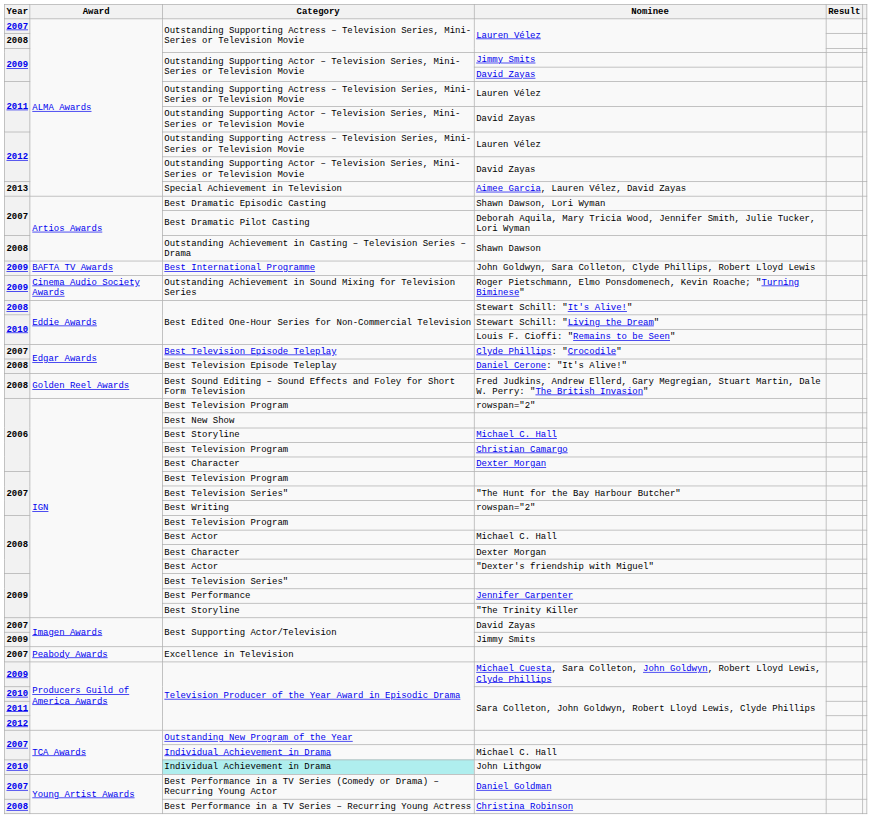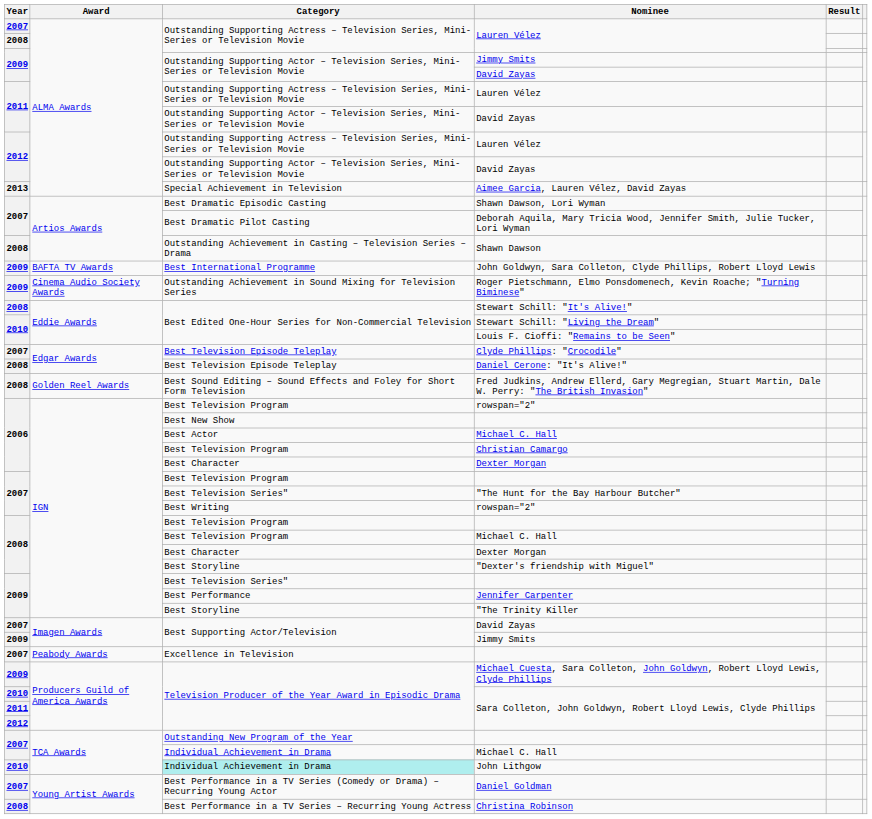 <table class="wikitable sortable plainrowheaders">
 <tr>
 <th scope=col>Year</th>
 <th scope=col>Award</th>
 <th scope=col>Category</th>
 <th scope=col>Nominee</th>
 <th scope=col>Result</th>
 <th scope=col class="unsortable"></th>
 </tr>
 <tr>
 <th scope=row><a href='#'>2007</a></th>
 <td rowspan="10"><a href='#'>ALMA Awards</a></td>
 <td rowspan="3">Outstanding Supporting Actress – Television Series, Mini-Series or Television Movie</td>
 <td rowspan="3" data-sort-value="Vélez, Lauren"><a href='#'>Lauren Vélez</a></td>
 <td></td>
 <td></td>
 </tr>
 <tr>
 <th scope=row>2008</th>
 <td></td>
 <td></td>
 </tr>
 <tr>
 <th scope=rowgroup rowspan="3"><a href='#'>2009</a></th>
 <td></td>
 <td></td>
 </tr>
 <tr>
 <td rowspan="2">Outstanding Supporting Actor – Television Series, Mini-Series or Television Movie</td>
 <td data-sort-value="Smits, Jimmy"><a href='#'>Jimmy Smits</a></td>
 <td></td>
 <td rowspan="2"></td>
 </tr>
 <tr>
 <td data-sort-value="Zayas, David"><a href='#'>David Zayas</a></td>
 <td></td>
 </tr>
 <tr>
 <th scope=rowgroup rowspan="2"><a href='#'>2011</a></th>
 <td>Outstanding Supporting Actress – Television Series, Mini-Series or Television Movie</td>
 <td data-sort-value="Vélez, Lauren">Lauren Vélez</td>
 <td></td>
 <td rowspan="2"></td>
 </tr>
 <tr>
 <td>Outstanding Supporting Actor – Television Series, Mini-Series or Television Movie</td>
 <td data-sort-value="Zayas, David">David Zayas</td>
 <td></td>
 </tr>
 <tr>
 <th scope=rowgroup rowspan="2"><a href='#'>2012</a></th>
 <td>Outstanding Supporting Actress – Television Series, Mini-Series or Television Movie</td>
 <td data-sort-value="Vélez, Lauren">Lauren Vélez</td>
 <td></td>
 <td rowspan="2"></td>
 </tr>
 <tr>
 <td>Outstanding Supporting Actor – Television Series, Mini-Series or Television Movie</td>
 <td data-sort-value="Zayas, David">David Zayas</td>
 <td></td>
 </tr>
 <tr>
 <th scope=row>2013</th>
 <td>Special Achievement in Television</td>
 <td data-sort-value="Garcia, Aimee"><a href='#'>Aimee Garcia</a>, Lauren Vélez, David Zayas</td>
 <td></td>
 <td></td>
 </tr>
 <tr>
 <th scope=rowgroup rowspan="2">2007</th>
 <td rowspan="3"><a href='#'>Artios Awards</a></td>
 <td>Best Dramatic Episodic Casting</td>
 <td data-sort-value="Dawson, Shawn">Shawn Dawson, Lori Wyman</td>
 <td></td>
 <td rowspan="2"></td>
 </tr>
 <tr>
 <td>Best Dramatic Pilot Casting</td>
 <td data-sort-value="Aquila, Deborah">Deborah Aquila, Mary Tricia Wood, Jennifer Smith, Julie Tucker, Lori Wyman</td>
 <td></td>
 </tr>
 <tr>
 <th scope=row>2008</th>
 <td>Outstanding Achievement in Casting – Television Series – Drama</td>
 <td data-sort-value="Dawson, Shawn">Shawn Dawson</td>
 <td></td>
 <td></td>
 </tr>
 <tr>
 <th scope=row><a href='#'>2009</a></th>
 <td><a href='#'>BAFTA TV Awards</a></td>
 <td><a href='#'>Best International Programme</a></td>
 <td data-sort-value="Goldwyn, John">John Goldwyn, Sara Colleton, Clyde Phillips, Robert Lloyd Lewis</td>
 <td></td>
 <td></td>
 </tr>
 <tr>
 <th scope=row><a href='#'>2009</a></th>
 <td><a href='#'>Cinema Audio Society Awards</a></td>
 <td>Outstanding Achievement in Sound Mixing for Television Series</td>
 <td data-sort-value="Pietschmann, Roger">Roger Pietschmann, Elmo Ponsdomenech, Kevin Roache; "<a href='#'>Turning Biminese</a>"</td>
 <td></td>
 <td></td>
 </tr>
 <tr>
 <th scope=row><a href='#'>2008</a></th>
 <td rowspan=3><a href='#'>Eddie Awards</a></td>
 <td rowspan="3">Best Edited One-Hour Series for Non-Commercial Television</td>
 <td data-sort-value="Schill, Stewart">Stewart Schill: "<a href='#'>It's Alive!</a>"</td>
 <td></td>
 <td></td>
 </tr>
 <tr>
 <th scope=rowgroup rowspan=2><a href='#'>2010</a></th>
 <td data-sort-value="Schill, Stewart">Stewart Schill: "<a href='#'>Living the Dream</a>"</td>
 <td></td>
 <td rowspan="2"></td>
 </tr>
 <tr>
 <td data-sort-value="Cioffi, Louis F.">Louis F. Cioffi: "<a href='#'>Remains to be Seen</a>"</td>
 <td></td>
 </tr>
 <tr>
 <th scope=row>2007</th>
 <td rowspan=2><a href='#'>Edgar Awards</a></td>
 <td><a href='#'>Best Television Episode Teleplay</a></td>
 <td data-sort-value="Phillips, Clyde"><a href='#'>Clyde Phillips</a>: "<a href='#'>Crocodile</a>"</td>
 <td></td>
 <td rowspan="2"></td>
 </tr>
 <tr>
 <th scope=row>2008</th>
 <td>Best Television Episode Teleplay</td>
 <td data-sort-value="Cerone, Daniel"><a href='#'>Daniel Cerone</a>: "It's Alive!"</td>
 <td></td>
 </tr>
 <tr>
 <th scope=row>2008</th>
 <td><a href='#'>Golden Reel Awards</a></td>
 <td>Best Sound Editing – Sound Effects and Foley for Short Form Television</td>
 <td data-sort-value="Judkins, Fred">Fred Judkins, Andrew Ellerd, Gary Megregian, Stuart Martin, Dale W. Perry: "<a href='#'>The British Invasion</a>"</td>
 <td></td>
 <td></td>
 </tr>
 <tr>
 <th scope=rowgroup rowspan=5>2006</th>
 <td rowspan="15"><a href='#'>IGN</a></td>
 <td>Best Television Program</td>
 <td>rowspan="2" </td>
 <td></td>
 <td></td>
 </tr>
 <tr>
 <td>Best New Show</td>
 <td></td>
 <td></td>
 </tr>
 <tr>
-<td>Best Storyline</td>
+<td>Best Actor</td>
 <td data-sort-value="Hall, Michael C."><a href='#'>Michael C. Hall</a></td>
 <td></td>
 <td></td>
 </tr>
 <tr>
 <td>Best Television Program</td>
 <td data-sort-value="Camargo, Christian"><a href='#'>Christian Camargo</a></td>
 <td></td>
 <td></td>
 </tr>
 <tr>
 <td>Best Character</td>
 <td data-sort-value="Morgan, Dexter"><a href='#'>Dexter Morgan</a></td>
 <td></td>
 <td></td>
 </tr>
 <tr>
 <th scope=rowgroup rowspan=3>2007</th>
 <td>Best Television Program</td>
 <td></td>
 <td></td>
 <td></td>
 </tr>
 <tr>
 <td>Best Television Series"</td>
 <td data-sort-value="Hunt for the Bay Harbour Butcher, The">"The Hunt for the Bay Harbour Butcher"</td>
 <td></td>
 <td></td>
 </tr>
 <tr>
 <td>Best Writing</td>
 <td>rowspan="2" </td>
 <td></td>
 <td></td>
 </tr>
 <tr>
 <th scope=rowgroup rowspan="4">2008</th>
 <td>Best Television Program</td>
 <td></td>
 <td></td>
 </tr>
 <tr>
-<td>Best Actor</td>
+<td>Best Television Program</td>
 <td data-sort-value="Hall, Michael C.">Michael C. Hall</td>
 <td></td>
 <td></td>
 </tr>
 <tr>
 <td>Best Character</td>
 <td data-sort-value="Morgan, Dexter">Dexter Morgan</td>
 <td></td>
 <td></td>
 </tr>
 <tr>
-<td>Best Actor</td>
+<td>Best Storyline</td>
 <td>"Dexter's friendship with Miguel"</td>
 <td></td>
 <td></td>
 </tr>
 <tr>
 <th scope=rowgroup rowspan="3">2009</th>
 <td>Best Television Series"</td>
 <td></td>
 <td></td>
 <td></td>
 </tr>
 <tr>
 <td>Best Performance</td>
 <td data-sort-value="Carpenter, Jennifer"><a href='#'>Jennifer Carpenter</a></td>
 <td></td>
 <td></td>
 </tr>
 <tr>
 <td>Best Storyline</td>
 <td data-sort-value="Trinity Killer, The">"The Trinity Killer</td>
 <td></td>
 <td></td>
 </tr>
 <tr>
 <th scope=row>2007</th>
 <td rowspan=2><a href='#'>Imagen Awards</a></td>
 <td rowspan="2">Best Supporting Actor/Television</td>
 <td data-sort-value="Zayas, David">David Zayas</td>
 <td></td>
 <td></td>
 </tr>
 <tr>
 <th scope=row>2009</th>
 <td data-sort-value="Smits, Jimmy">Jimmy Smits</td>
 <td></td>
 <td></td>
 </tr>
 <tr>
 <th scope=row>2007</th>
 <td><a href='#'>Peabody Awards</a></td>
 <td>Excellence in Television</td>
 <td></td>
 <td></td>
 <td></td>
 </tr>
 <tr>
 <th scope=row><a href='#'>2009</a></th>
 <td rowspan="4"><a href='#'>Producers Guild of America Awards</a></td>
 <td rowspan="4"><a href='#'>Television Producer of the Year Award in Episodic Drama</a></td>
 <td data-sort-value="Cuesta, Michael"><a href='#'>Michael Cuesta</a>, Sara Colleton, <a href='#'>John Goldwyn</a>, Robert Lloyd Lewis, <a href='#'>Clyde Phillips</a></td>
 <td></td>
 <td></td>
 </tr>
 <tr>
 <th scope=row><a href='#'>2010</a></th>
 <td rowspan="3" data-sort-value="Colleton, Sara">Sara Colleton, John Goldwyn, Robert Lloyd Lewis, Clyde Phillips</td>
 <td></td>
 <td></td>
 </tr>
 <tr>
 <th scope=row><a href='#'>2011</a></th>
 <td></td>
 <td></td>
 </tr>
 <tr>
 <th scope=row><a href='#'>2012</a></th>
 <td></td>
 <td></td>
 </tr>
 <tr>
 <th scope=row rowspan="2"><a href='#'>2007</a></th>
 <td rowspan="3"><a href='#'>TCA Awards</a></td>
 <td><a href='#'>Outstanding New Program of the Year</a></td>
 <td></td>
 <td></td>
 <td></td>
 </tr>
 <tr>
 <td><a href='#'>Individual Achievement in Drama</a></td>
 <td data-sort-value="Hall, Michael C.">Michael C. Hall</td>
 <td></td>
 <td></td>
 </tr>
 <tr>
 <th scope=row><a href='#'>2010</a></th>
 <td style="background: paleturquoise;">Individual Achievement in Drama</td>
 <td data-sort-value="Lithgow, John">John Lithgow</td>
 <td></td>
 <td></td>
 </tr>
 <tr>
 <th scope=row><a href='#'>2007</a></th>
 <td rowspan="2"><a href='#'>Young Artist Awards</a></td>
 <td>Best Performance in a TV Series (Comedy or Drama) – Recurring Young Actor</td>
 <td data-sort-value="Goldman, Daniel"><a href='#'>Daniel Goldman</a></td>
 <td></td>
 <td></td>
 </tr>
 <tr>
 <th scope=row><a href='#'>2008</a></th>
 <td>Best Performance in a TV Series – Recurring Young Actress</td>
 <td data-sort-value="Robinson, Christina"><a href='#'>Christina Robinson</a></td>
 <td></td>
 <td></td>
 </tr>
 </table>
